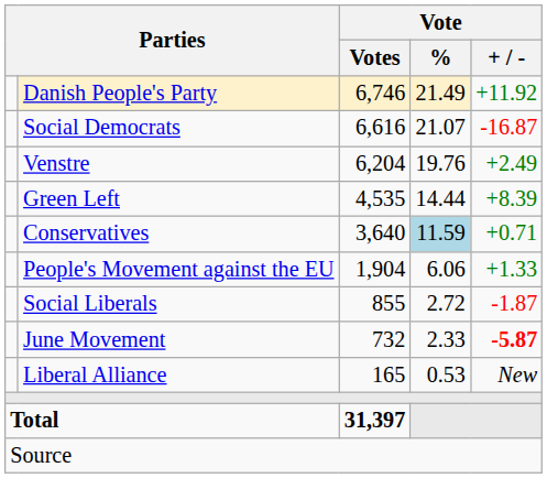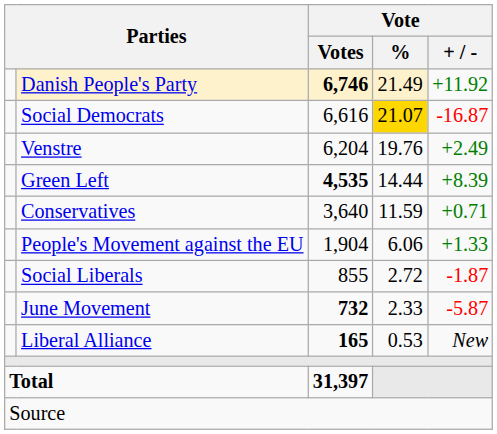 <table class="wikitable" style="text-align:right;">
 <tr>
 <th style="text-align:centre;" rowspan="2" colspan="2" width="225">Parties</th>
 <th colspan="3">Vote</th>
 </tr>
 <tr>
 <th width="15">Votes</th>
 <th width="15">%</th>
 <th width="15">+ / -</th>
 </tr>
 <tr>
 <td width="2" style="color:inherit;background:"></td>
 <td bgcolor=#fef2cc   align="left"><a href='#'>Danish People's Party</a></td>
-<td bgcolor=#fef2cc>6,746</td>
+<td bgcolor=#fef2cc><strong>6,746</strong></td>
 <td bgcolor=#fef2cc>21.49</td>
 <td style=color:green;>+11.92</td>
 </tr>
 <tr>
 <td width="2" style="color:inherit;background:"></td>
 <td align="left"><a href='#'>Social Democrats</a></td>
 <td>6,616</td>
-<td>21.07</td>
+<td style="background: gold;">21.07</td>
 <td style=color:red;>-16.87</td>
 </tr>
 <tr>
 <td width="2" style="color:inherit;background:"></td>
 <td align="left"><a href='#'>Venstre</a></td>
 <td>6,204</td>
 <td>19.76</td>
 <td style=color:green;>+2.49</td>
 </tr>
 <tr>
 <td width="2" style="color:inherit;background:"></td>
 <td align="left"><a href='#'>Green Left</a></td>
-<td>4,535</td>
+<td><strong>4,535</strong></td>
 <td>14.44</td>
 <td style=color:green;>+8.39</td>
 </tr>
 <tr>
 <td width="2" style="color:inherit;background:"></td>
 <td align="left"><a href='#'>Conservatives</a></td>
 <td>3,640</td>
-<td style="background: lightblue;">11.59</td>
+<td>11.59</td>
 <td style=color:green;>+0.71</td>
 </tr>
 <tr>
 <td width="2" style="color:inherit;background:"></td>
 <td align="left"><a href='#'>People's Movement against the EU</a></td>
 <td>1,904</td>
 <td>6.06</td>
 <td style=color:green;>+1.33</td>
 </tr>
 <tr>
 <td width="2" style="color:inherit;background:"></td>
 <td align="left"><a href='#'>Social Liberals</a></td>
 <td>855</td>
 <td>2.72</td>
 <td style=color:red;>-1.87</td>
 </tr>
 <tr>
 <td width="2" style="color:inherit;background:"></td>
 <td align="left"><a href='#'>June Movement</a></td>
-<td>732</td>
+<td><strong>732</strong></td>
 <td>2.33</td>
-<td style=color:red;><strong>-5.87</strong></td>
+<td style=color:red;>-5.87</td>
 </tr>
 <tr>
 <td width="2" style="color:inherit;background:"></td>
 <td align="left"><a href='#'>Liberal Alliance</a></td>
-<td>165</td>
+<td><strong>165</strong></td>
 <td>0.53</td>
 <td><em>New</em></td>
 </tr>
 <tr>
 <td colspan="7" bgcolor="#E9E9E9"></td>
 </tr>
 <tr>
 <td align="left" colspan="2"><strong>Total</strong></td>
 <td><strong>31,397</strong></td>
 <td bgcolor="#E9E9E9" colspan="2"></td>
 </tr>
 <tr>
 <td align="left" colspan="6">Source</td>
 </tr>
 </table>
